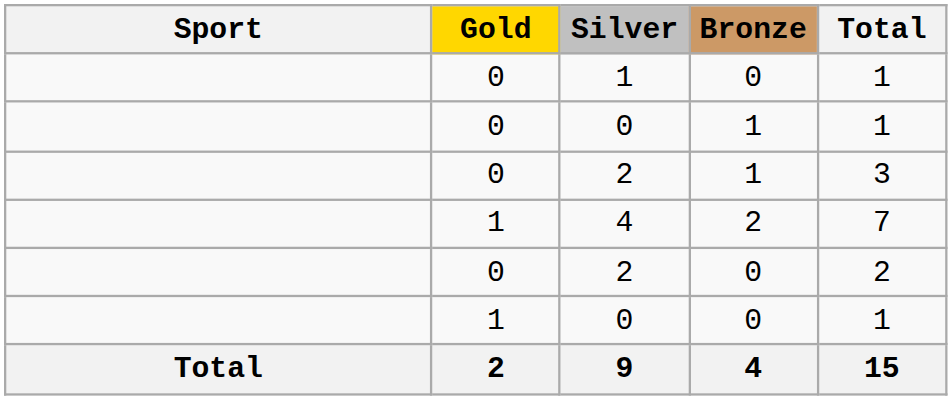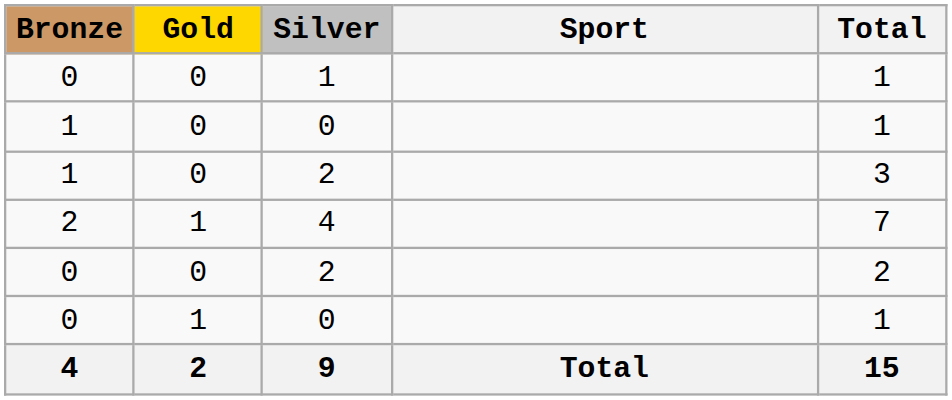 <table class="wikitable sortable" style="text-align:center;">
 <tr>
-<th width=180>Sport</th>
+<th scope="col" style="background:#cc9966; width:50px;">Bronze</th>
 <th scope="col" style="background:gold; width:50px;">Gold</th>
 <th scope="col" style="background:silver; width:50px;">Silver</th>
-<th scope="col" style="background:#cc9966; width:50px;">Bronze</th>
+<th width=180>Sport</th>
 <th width=50>Total</th>
 </tr>
 <tr>
+<td>0</td>
+<td>0</td>
+<td>1</td>
 <td align=left></td>
+<td>1</td>
+</tr>
+<tr>
+<td>1</td>
+<td>0</td>
+<td>0</td>
+<td align=left></td>
+<td>1</td>
+</tr>
+<tr>
+<td>1</td>
+<td>0</td>
+<td>2</td>
+<td align=left></td>
+<td>3</td>
+</tr>
+<tr>
+<td>2</td>
+<td>1</td>
+<td>4</td>
+<td align=left></td>
+<td>7</td>
+</tr>
+<tr>
+<td>0</td>
+<td>0</td>
+<td>2</td>
+<td align=left></td>
+<td>2</td>
+</tr>
+<tr>
 <td>0</td>
 <td>1</td>
 <td>0</td>
-<td>1</td>
-</tr>
-<tr>
 <td align=left></td>
-<td>0</td>
-<td>0</td>
-<td>1</td>
-<td>1</td>
-</tr>
-<tr>
-<td align=left></td>
-<td>0</td>
-<td>2</td>
-<td>1</td>
-<td>3</td>
-</tr>
-<tr>
-<td align=left></td>
-<td>1</td>
-<td>4</td>
-<td>2</td>
-<td>7</td>
-</tr>
-<tr>
-<td align=left></td>
-<td>0</td>
-<td>2</td>
-<td>0</td>
-<td>2</td>
-</tr>
-<tr>
-<td align=left></td>
-<td>1</td>
-<td>0</td>
-<td>0</td>
 <td>1</td>
 </tr>
 <tr class="sortbottom">
-<th>Total</th>
+<th>4</th>
 <th>2</th>
 <th>9</th>
-<th>4</th>
+<th>Total</th>
 <th>15</th>
 </tr>
 </table>
